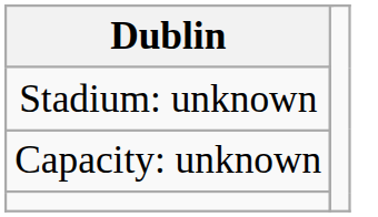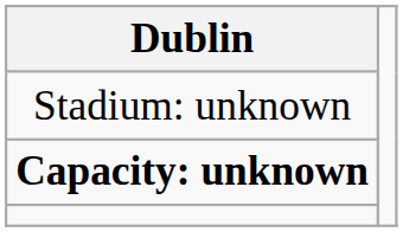 <table class="wikitable" style="text-align:center">
 <tr>
 <th colspan="2">Dublin</th>
 <td rowspan=4></td>
 </tr>
 <tr>
 <td>Stadium: unknown</td>
 </tr>
 <tr>
-<td>Capacity: unknown</td>
+<td><strong>Capacity: unknown</strong></td>
 </tr>
 <tr>
 <td></td>
 </tr>
 </table>
